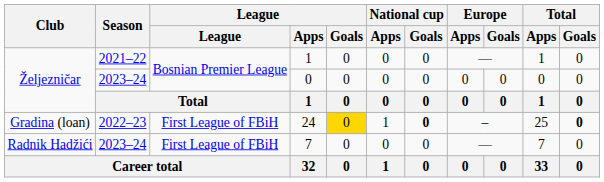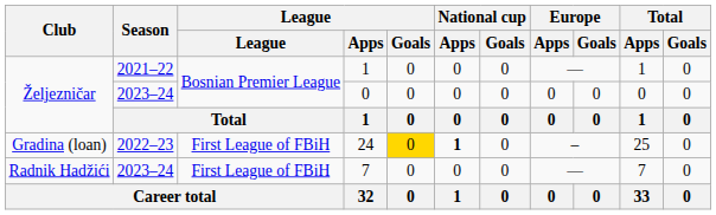 <table class="wikitable" style="text-align:center">
 <tr>
 <th rowspan="2">Club</th>
 <th rowspan="2">Season</th>
 <th colspan="3">League</th>
 <th colspan="2">National cup</th>
 <th colspan="2">Europe</th>
 <th colspan="2">Total</th>
 </tr>
 <tr>
 <th>League</th>
 <th>Apps</th>
 <th>Goals</th>
 <th>Apps</th>
 <th>Goals</th>
 <th>Apps</th>
 <th>Goals</th>
 <th>Apps</th>
 <th>Goals</th>
 </tr>
 <tr>
 <td rowspan="3"><a href='#'>Željezničar</a></td>
 <td><a href='#'>2021–22</a></td>
 <td rowspan="2"><a href='#'>Bosnian Premier League</a></td>
 <td>1</td>
 <td>0</td>
 <td>0</td>
 <td>0</td>
 <td colspan="2">—</td>
 <td>1</td>
 <td>0</td>
 </tr>
 <tr>
 <td><a href='#'>2023–24</a></td>
 <td>0</td>
 <td>0</td>
 <td>0</td>
 <td>0</td>
 <td>0</td>
 <td>0</td>
 <td>0</td>
 <td>0</td>
 </tr>
 <tr>
 <th colspan="2">Total</th>
 <th>1</th>
 <th>0</th>
 <th>0</th>
 <th>0</th>
 <th>0</th>
 <th>0</th>
 <th>1</th>
 <th>0</th>
 </tr>
 <tr>
 <td><a href='#'>Gradina</a> (loan)</td>
 <td><a href='#'>2022–23</a></td>
 <td><a href='#'>First League of FBiH</a></td>
 <td>24</td>
 <td style="background: gold;">0</td>
-<td>1</td>
-<td><strong>0</strong></td>
+<td><strong>1</strong></td>
+<td>0</td>
 <td colspan="2">–</td>
 <td>25</td>
-<td><strong>0</strong></td>
+<td>0</td>
 </tr>
 <tr>
 <td><a href='#'>Radnik Hadžići</a></td>
 <td><a href='#'>2023–24</a></td>
 <td><a href='#'>First League of FBiH</a></td>
 <td>7</td>
 <td>0</td>
 <td>0</td>
 <td>0</td>
 <td colspan="2">—</td>
 <td>7</td>
 <td>0</td>
 </tr>
 <tr>
 <th colspan="3">Career total</th>
 <th>32</th>
 <th>0</th>
 <th>1</th>
 <th>0</th>
 <th>0</th>
 <th>0</th>
 <th>33</th>
 <th>0</th>
 </tr>
 </table>
